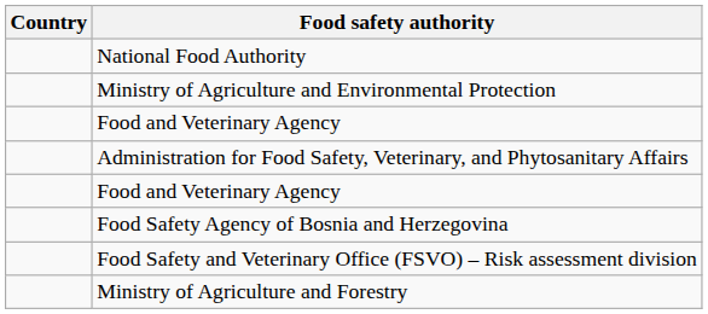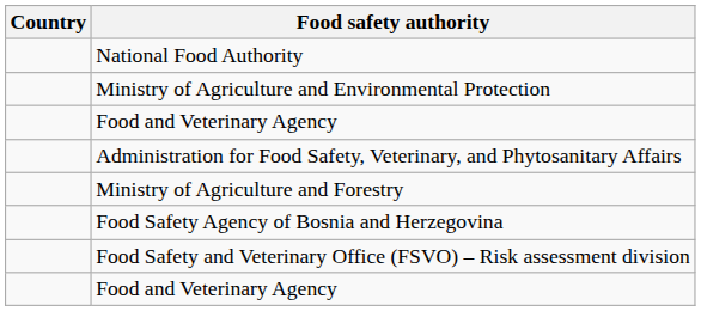 <table class="wikitable">
 <tr>
 <th>Country</th>
 <th>Food safety authority</th>
 </tr>
 <tr>
 <td></td>
 <td>National Food Authority</td>
 </tr>
 <tr>
 <td></td>
 <td>Ministry of Agriculture and Environmental Protection</td>
 </tr>
 <tr>
 <td></td>
 <td>Food and Veterinary Agency</td>
 </tr>
 <tr>
 <td></td>
 <td>Administration for Food Safety, Veterinary, and Phytosanitary Affairs</td>
 </tr>
 <tr>
 <td></td>
-<td>Food and Veterinary Agency</td>
+<td>Ministry of Agriculture and Forestry</td>
 </tr>
 <tr>
 <td></td>
 <td>Food Safety Agency of Bosnia and Herzegovina</td>
 </tr>
 <tr>
 <td></td>
 <td>Food Safety and Veterinary Office (FSVO) – Risk assessment division</td>
 </tr>
 <tr>
 <td></td>
-<td>Ministry of Agriculture and Forestry</td>
+<td>Food and Veterinary Agency</td>
 </tr>
 </table>
